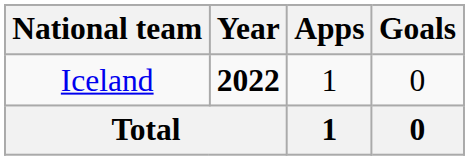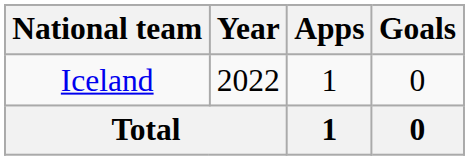 <table class=wikitable style="text-align: center">
 <tr>
 <th>National team</th>
 <th>Year</th>
 <th>Apps</th>
 <th>Goals</th>
 </tr>
 <tr>
 <td rowspan="1"><a href='#'>Iceland</a></td>
-<td><strong>2022</strong></td>
+<td>2022</td>
 <td>1</td>
 <td>0</td>
 </tr>
 <tr>
 <th colspan="2">Total</th>
 <th>1</th>
 <th>0</th>
 </tr>
 </table>
